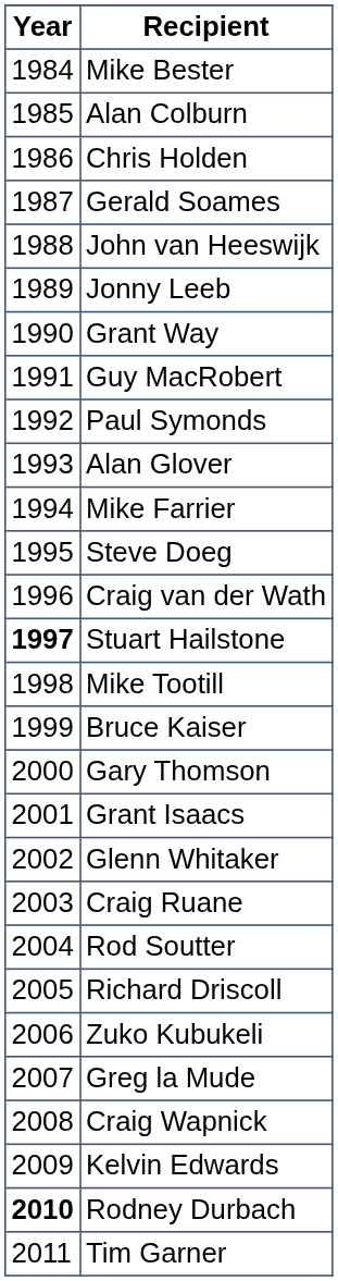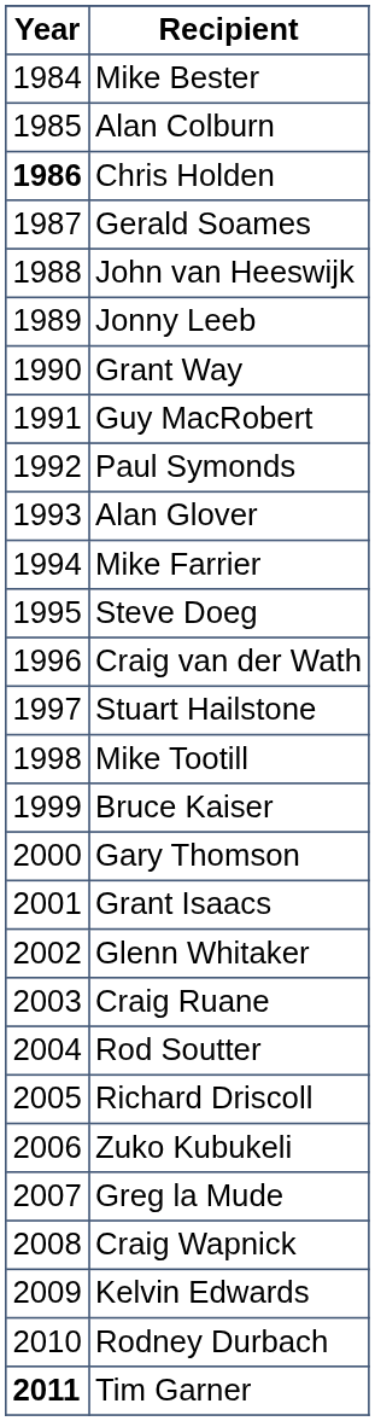 <table cellpadding="3" cellspacing="4" border="1" style="border:#435877 solid 1px; border-collapse: collapse;">
 <tr bgcolor="#d1e4fd">
 </tr>
 <tr>
 <th><strong>Year</strong></th>
 <th><strong>Recipient</strong></th>
 </tr>
 <tr>
 <td>1984</td>
 <td>Mike Bester</td>
 </tr>
 <tr>
 <td>1985</td>
 <td>Alan Colburn</td>
 </tr>
 <tr>
-<td>1986</td>
+<td><strong>1986</strong></td>
 <td>Chris Holden</td>
 </tr>
 <tr>
 <td>1987</td>
 <td>Gerald Soames</td>
 </tr>
 <tr>
 <td>1988</td>
 <td>John van Heeswijk</td>
 </tr>
 <tr>
 <td>1989</td>
 <td>Jonny Leeb</td>
 </tr>
 <tr>
 <td>1990</td>
 <td>Grant Way</td>
 </tr>
 <tr>
 <td>1991</td>
 <td>Guy MacRobert</td>
 </tr>
 <tr>
 <td>1992</td>
 <td>Paul Symonds</td>
 </tr>
 <tr>
 <td>1993</td>
 <td>Alan Glover</td>
 </tr>
 <tr>
 <td>1994</td>
 <td>Mike Farrier</td>
 </tr>
 <tr>
 <td>1995</td>
 <td>Steve Doeg</td>
 </tr>
 <tr>
 <td>1996</td>
 <td>Craig van der Wath</td>
 </tr>
 <tr>
-<td><strong>1997</strong></td>
+<td>1997</td>
 <td>Stuart Hailstone</td>
 </tr>
 <tr>
 <td>1998</td>
 <td>Mike Tootill</td>
 </tr>
 <tr>
 <td>1999</td>
 <td>Bruce Kaiser</td>
 </tr>
 <tr>
 <td>2000</td>
 <td>Gary Thomson</td>
 </tr>
 <tr>
 <td>2001</td>
 <td>Grant Isaacs</td>
 </tr>
 <tr>
 <td>2002</td>
 <td>Glenn Whitaker</td>
 </tr>
 <tr>
 <td>2003</td>
 <td>Craig Ruane</td>
 </tr>
 <tr>
 <td>2004</td>
 <td>Rod Soutter</td>
 </tr>
 <tr>
 <td>2005</td>
 <td>Richard Driscoll</td>
 </tr>
 <tr>
 <td>2006</td>
 <td>Zuko Kubukeli</td>
 </tr>
 <tr>
 <td>2007</td>
 <td>Greg la Mude</td>
 </tr>
 <tr>
 <td>2008</td>
 <td>Craig Wapnick</td>
 </tr>
 <tr>
 <td>2009</td>
 <td>Kelvin Edwards</td>
 </tr>
 <tr>
-<td><strong>2010</strong></td>
+<td>2010</td>
 <td>Rodney Durbach</td>
 </tr>
 <tr>
-<td>2011</td>
+<td><strong>2011</strong></td>
 <td>Tim Garner</td>
 </tr>
 </table>
